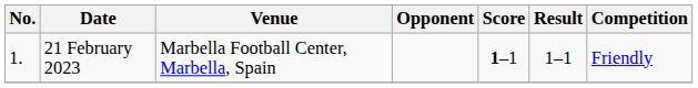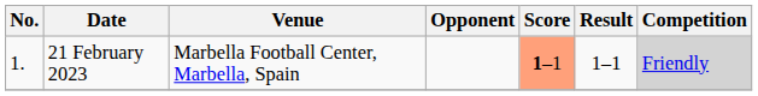 <table class="wikitable">
 <tr>
 <th>No.</th>
 <th>Date</th>
 <th>Venue</th>
 <th>Opponent</th>
 <th>Score</th>
 <th>Result</th>
 <th>Competition</th>
 </tr>
 <tr>
 <td>1.</td>
 <td>21 February 2023</td>
 <td>Marbella Football Center, <a href='#'>Marbella</a>, Spain</td>
 <td></td>
-<td align=center><strong>1</strong>–1</td>
+<td align=center style="background: lightsalmon;"><strong>1</strong>–1</td>
 <td align=center>1–1</td>
-<td><a href='#'>Friendly</a></td>
+<td style="background: lightgrey;"><a href='#'>Friendly</a></td>
 </tr>
 <tr>
 </tr>
 </table>
